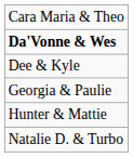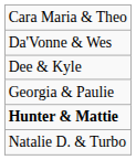 <table class="wikitable" style="font-size:90%">
 <tr>
 <td>Cara Maria & Theo</td>
 </tr>
 <tr>
-<td><strong>Da'Vonne & Wes</strong></td>
+<td>Da'Vonne & Wes</td>
 </tr>
 <tr>
 <td>Dee & Kyle</td>
 </tr>
 <tr>
 <td>Georgia & Paulie</td>
 </tr>
 <tr>
-<td>Hunter & Mattie</td>
+<td><strong>Hunter & Mattie</strong></td>
 </tr>
 <tr>
 <td>Natalie D. & Turbo</td>
 </tr>
 </table>
